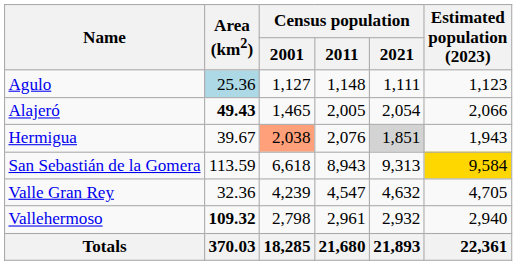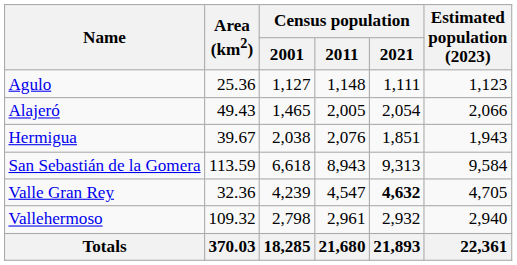 <table class="wikitable sortable" style="text-align: right">
 <tr>
 <th rowspan="2">Name</th>
 <th rowspan="2">Area<br>(km<sup>2</sup>)</th>
 <th colspan="3">Census population</th>
 <th rowspan="2">Estimated<br>population<br>(2023)</th>
 </tr>
 <tr>
 <th>2001</th>
 <th>2011</th>
 <th>2021</th>
 </tr>
 <tr>
 <td style="text-align: left"><a href='#'>Agulo</a></td>
-<td style="background: lightblue;">25.36</td>
+<td>25.36</td>
 <td>1,127</td>
 <td>1,148</td>
 <td>1,111</td>
 <td>1,123</td>
 </tr>
 <tr>
 <td style="text-align: left"><a href='#'>Alajeró</a></td>
-<td><strong>49.43</strong></td>
+<td>49.43</td>
 <td>1,465</td>
 <td>2,005</td>
 <td>2,054</td>
 <td>2,066</td>
 </tr>
 <tr>
 <td style="text-align: left"><a href='#'>Hermigua</a></td>
 <td>39.67</td>
-<td style="background: lightsalmon;">2,038</td>
+<td>2,038</td>
 <td>2,076</td>
-<td style="background: lightgrey;">1,851</td>
+<td>1,851</td>
 <td>1,943</td>
 </tr>
 <tr>
 <td style="text-align: left"><a href='#'>San Sebastián de la Gomera</a></td>
 <td>113.59</td>
 <td>6,618</td>
 <td>8,943</td>
 <td>9,313</td>
-<td style="background: gold;">9,584</td>
+<td>9,584</td>
 </tr>
 <tr>
 <td style="text-align: left"><a href='#'>Valle Gran Rey</a></td>
 <td>32.36</td>
 <td>4,239</td>
 <td>4,547</td>
-<td>4,632</td>
+<td><strong>4,632</strong></td>
 <td>4,705</td>
 </tr>
 <tr>
 <td style="text-align: left"><a href='#'>Vallehermoso</a></td>
-<td><strong>109.32</strong></td>
+<td>109.32</td>
 <td>2,798</td>
 <td>2,961</td>
 <td>2,932</td>
 <td>2,940</td>
 </tr>
 <tr class="sortbottom">
 <th>Totals</th>
 <th style="text-align: right">370.03</th>
 <th style="text-align: right">18,285</th>
 <th style="text-align: right">21,680</th>
 <th style="text-align: right">21,893</th>
 <th style="text-align: right">22,361</th>
 </tr>
 </table>
